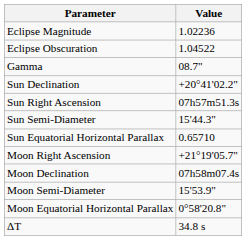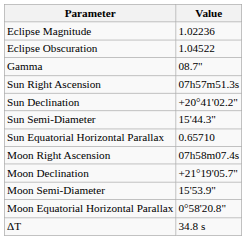 <table class="wikitable">
 <tr>
 <th>Parameter</th>
 <th>Value</th>
 </tr>
 <tr>
 <td>Eclipse Magnitude</td>
 <td>1.02236</td>
 </tr>
 <tr>
 <td>Eclipse Obscuration</td>
 <td>1.04522</td>
 </tr>
 <tr>
 <td>Gamma</td>
 <td>08.7"</td>
 </tr>
 <tr>
+<td>Sun Right Ascension</td>
+<td>07h57m51.3s</td>
+</tr>
+<tr>
 <td>Sun Declination</td>
 <td>+20°41'02.2"</td>
-</tr>
-<tr>
-<td>Sun Right Ascension</td>
-<td>07h57m51.3s</td>
 </tr>
 <tr>
 <td>Sun Semi-Diameter</td>
 <td>15'44.3"</td>
 </tr>
 <tr>
 <td>Sun Equatorial Horizontal Parallax</td>
 <td>0.65710</td>
 </tr>
 <tr>
 <td>Moon Right Ascension</td>
-<td>+21°19'05.7"</td>
+<td>07h58m07.4s</td>
 </tr>
 <tr>
 <td>Moon Declination</td>
-<td>07h58m07.4s</td>
+<td>+21°19'05.7"</td>
 </tr>
 <tr>
 <td>Moon Semi-Diameter</td>
 <td>15'53.9"</td>
 </tr>
 <tr>
 <td>Moon Equatorial Horizontal Parallax</td>
 <td>0°58'20.8"</td>
 </tr>
 <tr>
 <td>ΔT</td>
 <td>34.8 s</td>
 </tr>
 </table>
